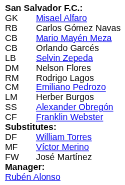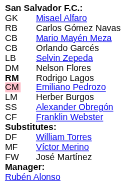 <table style="font-size: 90%" cellspacing="0" cellpadding="0" align="center">
 <tr>
 <td colspan="4"><strong>San Salvador F.C.:</strong></td>
 </tr>
 <tr>
 <th width=25></th>
 <th width=25></th>
 </tr>
 <tr>
 <td>GK</td>
 <td></td>
 <td> <a href='#'>Misael Alfaro</a></td>
 </tr>
 <tr>
 <td>RB</td>
 <td></td>
 <td> Carlos Gómez Navas </td>
 </tr>
 <tr>
 <td>CB</td>
 <td></td>
 <td> <a href='#'>Mario Mayén Meza</a></td>
 </tr>
 <tr>
 <td>CB</td>
 <td></td>
 <td> Orlando Garcés</td>
 </tr>
 <tr>
 <td>LB</td>
 <td></td>
 <td>  <a href='#'>Selvin Zepeda</a></td>
 </tr>
 <tr>
 <td>DM</td>
 <td></td>
 <td> Nelson Flores </td>
 </tr>
 <tr>
-<td>RM</td>
+<td><strong>RM</strong></td>
 <td></td>
 <td> Rodrigo Lagos</td>
 </tr>
 <tr>
-<td>CM</td>
+<td style="background: pink;">CM</td>
 <td></td>
 <td> <a href='#'>Emiliano Pedrozo</a></td>
 </tr>
 <tr>
 <td>LM</td>
 <td></td>
 <td> Herber Burgos</td>
 </tr>
 <tr>
 <td>SS</td>
 <td></td>
 <td> <a href='#'>Alexander Obregón</a></td>
 </tr>
 <tr>
 <td>CF</td>
 <td></td>
 <td> <a href='#'>Franklin Webster</a>  </td>
 </tr>
 <tr>
 <td colspan=3><strong>Substitutes:</strong></td>
 </tr>
 <tr>
 <td>DF</td>
 <td></td>
 <td> <a href='#'>William Torres</a>  </td>
 </tr>
 <tr>
 <td>MF</td>
 <td></td>
 <td> <a href='#'>Víctor Merino</a> </td>
 </tr>
 <tr>
 <td>FW</td>
 <td></td>
 <td> José Martínez  </td>
 </tr>
 <tr>
 <td colspan=3><strong>Manager:</strong></td>
 </tr>
 <tr>
 <td colspan=4>  <a href='#'>Rubén Alonso</a></td>
 </tr>
 </table>
